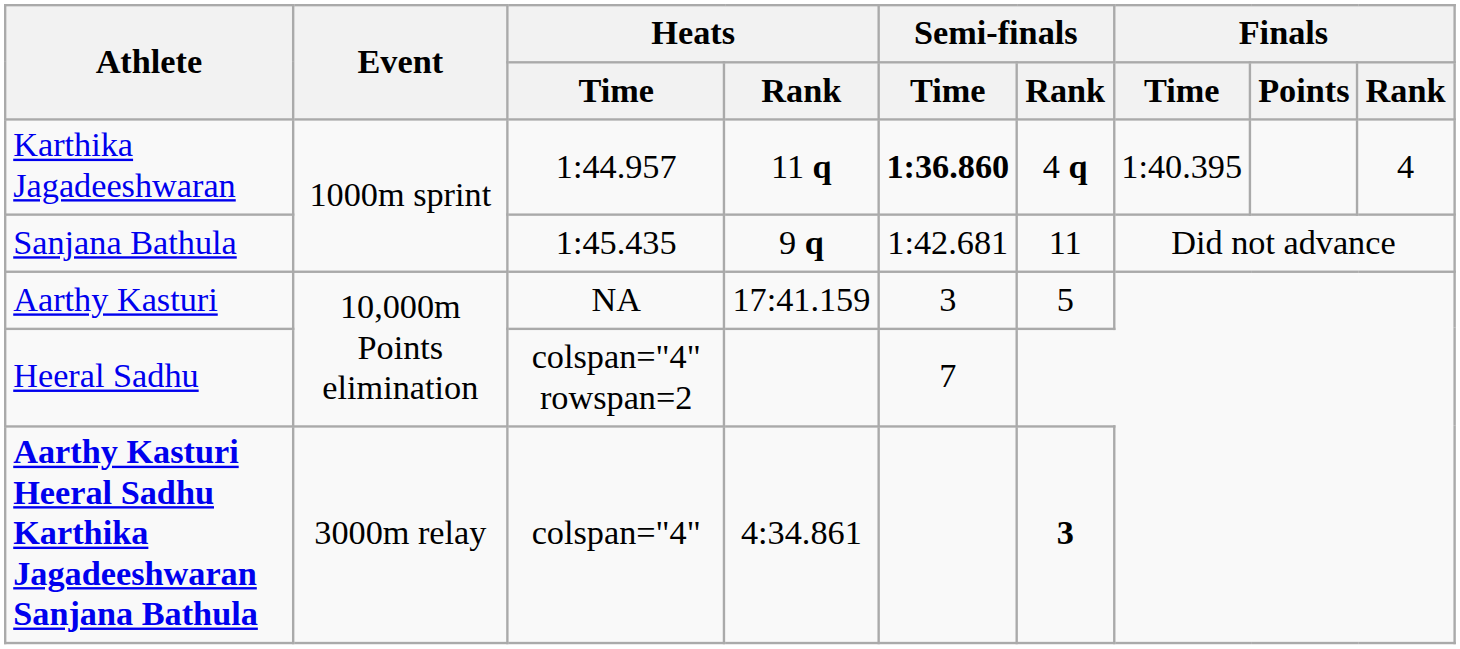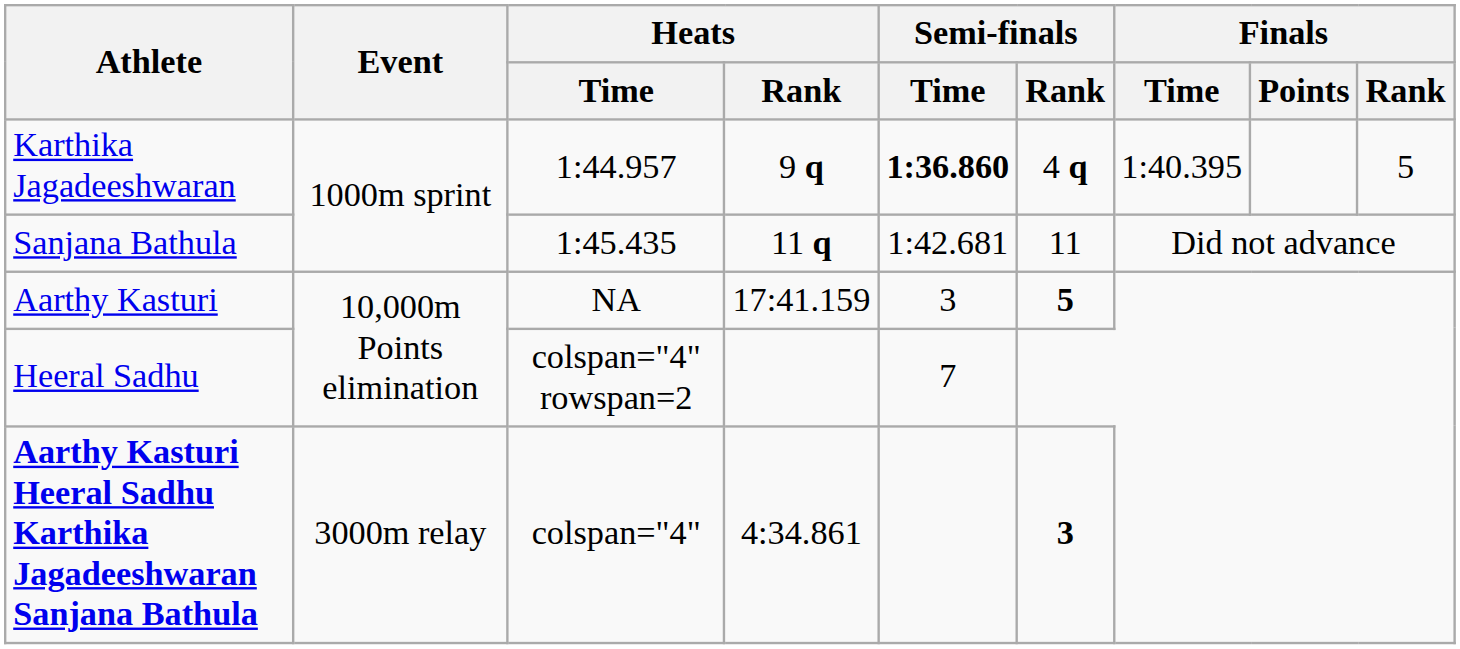 <table class=wikitable style=font-size:90%;text-align:center>
 <tr>
 <th rowspan="2">Athlete</th>
 <th rowspan="2">Event</th>
 <th colspan="2">Heats</th>
 <th colspan="2">Semi-finals</th>
 <th colspan="3">Finals</th>
 </tr>
 <tr>
 <th>Time</th>
 <th>Rank</th>
 <th>Time</th>
 <th>Rank</th>
 <th>Time</th>
 <th>Points</th>
 <th>Rank</th>
 </tr>
 <tr>
 <td align="left"><a href='#'>Karthika Jagadeeshwaran</a></td>
 <td rowspan="2">1000m sprint</td>
 <td>1:44.957</td>
-<td>11 <strong>q</strong></td>
+<td>9 <strong>q</strong></td>
 <td><strong>1:36.860</strong></td>
 <td>4 <strong>q</strong></td>
 <td>1:40.395</td>
 <td></td>
-<td>4</td>
+<td>5</td>
 </tr>
 <tr>
 <td align="left"><a href='#'>Sanjana Bathula</a></td>
 <td>1:45.435</td>
-<td>9 <strong>q</strong></td>
+<td>11 <strong>q</strong></td>
 <td>1:42.681</td>
 <td>11</td>
 <td colspan=3>Did not advance</td>
 </tr>
 <tr>
 <td align="left"><a href='#'>Aarthy Kasturi</a></td>
 <td rowspan="2">10,000m Points elimination</td>
 <td>NA</td>
 <td>17:41.159</td>
 <td>3</td>
-<td>5</td>
+<td><strong>5</strong></td>
 </tr>
 <tr>
 <td align="left"><a href='#'>Heeral Sadhu</a></td>
 <td>colspan="4" rowspan=2 </td>
 <td></td>
 <td>7</td>
 </tr>
 <tr>
 <td align="left"><strong><a href='#'>Aarthy Kasturi</a><br><a href='#'>Heeral Sadhu</a><br><a href='#'>Karthika Jagadeeshwaran</a><br><a href='#'>Sanjana Bathula</a></strong></td>
 <td>3000m relay</td>
 <td>colspan="4" </td>
 <td>4:34.861</td>
 <td></td>
 <td><strong>3</strong></td>
 </tr>
 </table>
